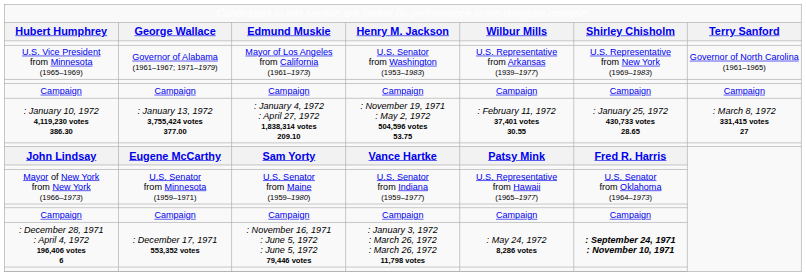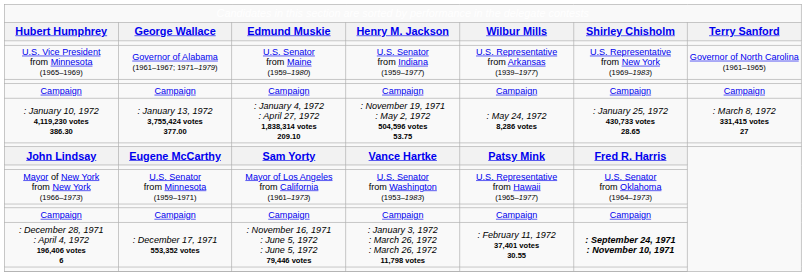 <table class="wikitable mw-collapsible" style="font-size:90%;">
 <tr>
 <td colspan="9" style="text-align:center; width:700px; font-size:120%; color:white; background:"><em>Candidates in this section are sorted by performance in the delegate contests</em></td>
 </tr>
 <tr style="text-align:center">
 <th scope="col" style="width:10em; font-size:120%;"><a href='#'>Hubert Humphrey</a></th>
 <th scope="col" style="width:10em; font-size:120%;"><a href='#'>George Wallace</a></th>
 <th scope="col" style="width:10em; font-size:120%;"><a href='#'>Edmund Muskie</a></th>
 <th scope="col" style="width:10em; font-size:120%;"><a href='#'>Henry M. Jackson</a></th>
 <th scope="col" style="width:10em; font-size:120%;"><a href='#'>Wilbur Mills</a></th>
 <th scope="col" style="width:10em; font-size:120%;"><a href='#'>Shirley Chisholm</a></th>
 <th scope="col" style="width:10em; font-size:120%;"><a href='#'>Terry Sanford</a></th>
 </tr>
 <tr style="text-align:center">
 <td></td>
 <td></td>
 <td></td>
 <td></td>
 <td></td>
 <td></td>
 <td></td>
 </tr>
 <tr style="text-align:center">
 <td><a href='#'>U.S. Vice President</a><br>from <a href='#'>Minnesota</a><br><small>(1965–1969)</small></td>
 <td><a href='#'>Governor of Alabama</a><br><small>(1961–1967; 1971–<em>1979</em>)</small></td>
-<td><a href='#'>Mayor of Los Angeles</a><br>from <a href='#'>California</a><br><small>(1961–<em>1973</em>)</small></td>
-<td><a href='#'>U.S. Senator</a><br>from <a href='#'>Washington</a><br><small>(1953–<em>1983</em>)</small></td>
+<td><a href='#'>U.S. Senator</a><br>from <a href='#'>Maine</a><br><small>(1959–<em>1980</em>)</small></td>
+<td><a href='#'>U.S. Senator</a><br>from <a href='#'>Indiana</a><br><small>(1959–<em>1977</em>)</small></td>
 <td><a href='#'>U.S. Representative</a><br>from <a href='#'>Arkansas</a><br><small>(1939–<em>1977</em>)</small></td>
 <td><a href='#'>U.S. Representative</a><br>from <a href='#'>New York</a><br><small>(1969–<em>1983</em>)</small></td>
 <td><a href='#'>Governor of North Carolina</a><br><small>(1961–1965)</small></td>
 </tr>
 <tr style="text-align:center">
 <td></td>
 <td></td>
 <td></td>
 <td></td>
 <td></td>
 <td></td>
 <td></td>
 </tr>
 <tr style="text-align:center">
 <td><a href='#'>Campaign</a></td>
 <td><a href='#'>Campaign</a></td>
 <td><a href='#'>Campaign</a></td>
 <td><a href='#'>Campaign</a></td>
 <td><a href='#'>Campaign</a></td>
 <td><a href='#'>Campaign</a></td>
 <td><a href='#'>Campaign</a></td>
 </tr>
 <tr style="text-align:center">
 <td><em>: January 10, 1972</em><br><small><strong>4,119,230 votes</strong><br><strong>386.30 </strong></small></td>
 <td><em>: January 13, 1972</em><br><small><strong>3,755,424 votes</strong><br><strong>377.00 </strong></small></td>
 <td><em>: January 4, 1972</em><br><em>: April 27, 1972</em><br><small><strong>1,838,314 votes</strong><br><strong>209.10 </strong></small></td>
 <td><em>: November 19, 1971</em><br><em>: May 2, 1972</em><br><small><strong>504,596 votes</strong><br><strong>53.75 </strong></small></td>
-<td><em>: February 11, 1972</em><br><small><strong>37,401 votes</strong><br><strong>30.55 </strong></small></td>
+<td><em>: May 24, 1972</em><br><small><strong>8,286 votes</strong></small></td>
 <td><em>: January 25, 1972</em><br><small><strong>430,733 votes</strong><br><strong>28.65 </strong></small></td>
 <td><em>: March 8, 1972</em><br><small><strong>331,415 votes</strong><br><strong>27 </strong></small></td>
 </tr>
 <tr>
 <td></td>
 <td></td>
 <td></td>
 <td></td>
 <td></td>
 <td></td>
 <td></td>
 </tr>
 <tr style="text-align:center">
 <th scope="col" style="width:10em; font-size:120%;"><a href='#'>John Lindsay</a></th>
 <th scope="col" style="width:10em; font-size:120%;"><a href='#'>Eugene McCarthy</a></th>
 <th scope="col" style="width:10em; font-size:120%;"><a href='#'>Sam Yorty</a></th>
 <th scope="col" style="width:10em; font-size:120%;"><a href='#'>Vance Hartke</a></th>
 <th scope="col" style="width:10em; font-size:120%;"><a href='#'>Patsy Mink</a></th>
 <th scope="col" style="width:10em; font-size:120%;"><a href='#'>Fred R. Harris</a></th>
 </tr>
 <tr style="text-align:center">
 <td></td>
 <td></td>
 <td></td>
 <td></td>
 <td></td>
 <td></td>
 </tr>
 <tr style="text-align:center">
 <td><a href='#'>Mayor</a> of <a href='#'>New York</a><br>from <a href='#'>New York</a><br><small>(1966–<em>1973</em>)</small></td>
 <td><a href='#'>U.S. Senator</a><br>from <a href='#'>Minnesota</a><br><small>(1959–1971)</small></td>
-<td><a href='#'>U.S. Senator</a><br>from <a href='#'>Maine</a><br><small>(1959–<em>1980</em>)</small></td>
-<td><a href='#'>U.S. Senator</a><br>from <a href='#'>Indiana</a><br><small>(1959–<em>1977</em>)</small></td>
+<td><a href='#'>Mayor of Los Angeles</a><br>from <a href='#'>California</a><br><small>(1961–<em>1973</em>)</small></td>
+<td><a href='#'>U.S. Senator</a><br>from <a href='#'>Washington</a><br><small>(1953–<em>1983</em>)</small></td>
 <td><a href='#'>U.S. Representative</a><br>from <a href='#'>Hawaii</a><br><small>(1965–<em>1977</em>)</small></td>
 <td><a href='#'>U.S. Senator</a><br>from <a href='#'>Oklahoma</a><br><small>(1964–<em>1973</em>)</small></td>
 </tr>
 <tr style="text-align:center">
 <td></td>
 <td></td>
 <td></td>
 <td></td>
 <td></td>
 <td></td>
 </tr>
 <tr style="text-align:center">
 <td><a href='#'>Campaign</a></td>
 <td><a href='#'>Campaign</a></td>
 <td><a href='#'>Campaign</a></td>
 <td><a href='#'>Campaign</a></td>
 <td><a href='#'>Campaign</a></td>
 <td><a href='#'>Campaign</a></td>
 </tr>
 <tr style="text-align:center">
 <td><em>: December 28, 1971</em><br><em>: April 4, 1972</em><br><small><strong>196,406 votes</strong><br><strong>6 </strong></small></td>
 <td><em>: December 17, 1971</em><br><small><strong>553,352 votes</strong></small></td>
 <td><em>: November 16, 1971</em><br><em>: June 5, 1972</em><br><em>: June 5, 1972</em><br><small><strong>79,446 votes</strong></small></td>
 <td><em>: January 3, 1972</em><br><em>: March 26, 1972</em><br><em>: March 26, 1972</em><br><small><strong>11,798 votes</strong></small></td>
-<td><em>: May 24, 1972</em><br><small><strong>8,286 votes</strong></small></td>
+<td><em>: February 11, 1972</em><br><small><strong>37,401 votes</strong><br><strong>30.55 </strong></small></td>
 <td><strong><em>: September 24, 1971</em><br><em>: November 10, 1971</em></strong></td>
 </tr>
 <tr>
 <td></td>
 <td></td>
 <td></td>
 <td></td>
 <td></td>
 <td></td>
 </tr>
 <tr>
 </tr>
 </table>
